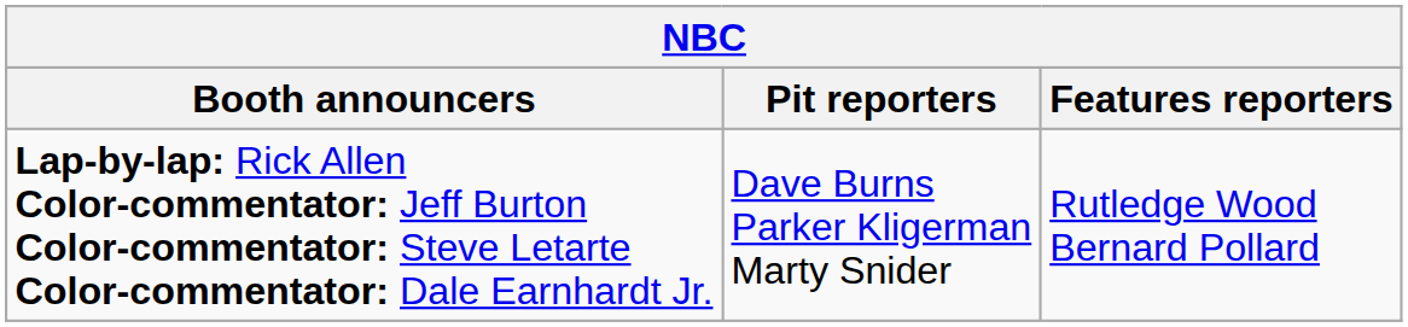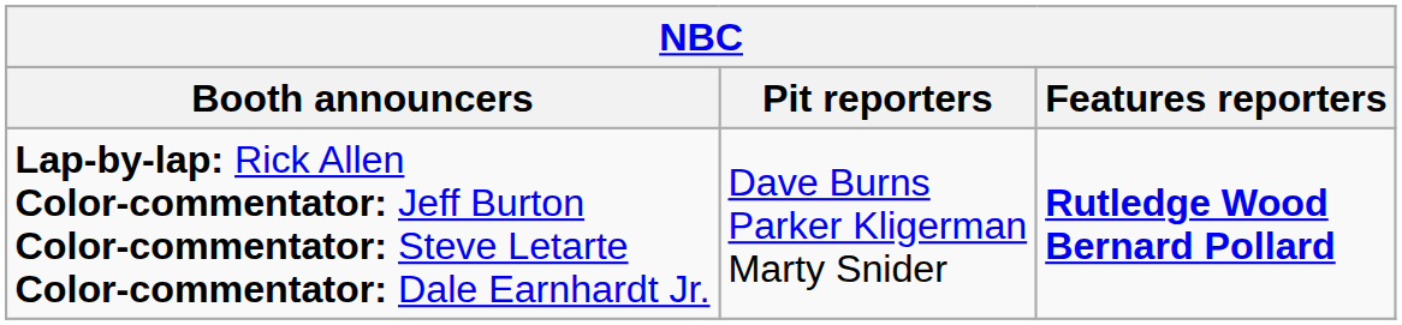 <table class="wikitable" style="font-size: 95%">
 <tr>
 <th colspan="3"><a href='#'>NBC</a></th>
 </tr>
 <tr>
 <th>Booth announcers</th>
 <th>Pit reporters</th>
 <th>Features reporters</th>
 </tr>
 <tr>
 <td><strong>Lap-by-lap:</strong> <a href='#'>Rick Allen</a><br><strong>Color-commentator:</strong> <a href='#'>Jeff Burton</a><br><strong>Color-commentator:</strong> <a href='#'>Steve Letarte</a><br><strong>Color-commentator:</strong> <a href='#'>Dale Earnhardt Jr.</a></td>
 <td><a href='#'>Dave Burns</a><br><a href='#'>Parker Kligerman</a><br>Marty Snider</td>
-<td><a href='#'>Rutledge Wood</a><br><a href='#'>Bernard Pollard</a></td>
+<td><strong><a href='#'>Rutledge Wood</a><br><a href='#'>Bernard Pollard</a></strong></td>
 </tr>
 </table>
